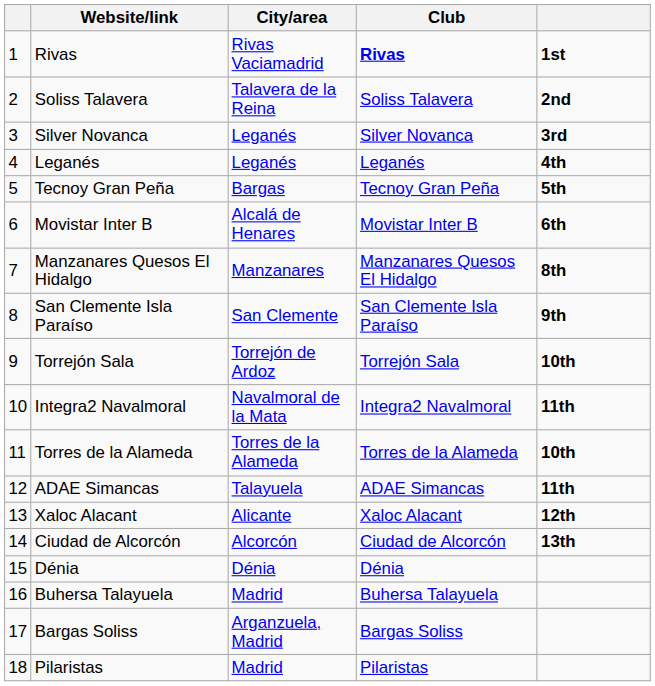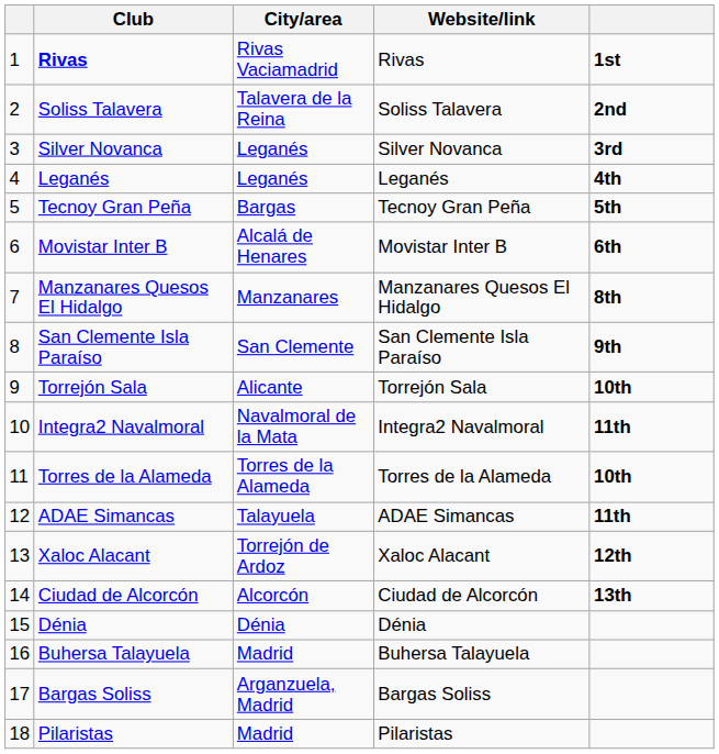 <table class="wikitable sortable">
 <tr>
 <th width=5></th>
+<th width=165>Club</th>
+<th width=115>City/area</th>
 <th width=180>Website/link</th>
-<th width=115>City/area</th>
-<th width=165>Club</th>
 <th width=100></th>
 </tr>
 <tr>
 <td>1</td>
+<td><strong><a href='#'>Rivas</a></strong></td>
+<td><a href='#'>Rivas Vaciamadrid</a></td>
 <td>Rivas</td>
-<td><a href='#'>Rivas Vaciamadrid</a></td>
-<td><strong><a href='#'>Rivas</a></strong></td>
 <td><strong>1st</strong></td>
 </tr>
 <tr>
 <td>2</td>
+<td><a href='#'>Soliss Talavera</a></td>
+<td><a href='#'>Talavera de la Reina</a></td>
 <td>Soliss Talavera</td>
-<td><a href='#'>Talavera de la Reina</a></td>
-<td><a href='#'>Soliss Talavera</a></td>
 <td><strong>2nd</strong></td>
 </tr>
 <tr>
 <td>3</td>
+<td><a href='#'>Silver Novanca</a></td>
+<td><a href='#'>Leganés</a></td>
 <td>Silver Novanca</td>
-<td><a href='#'>Leganés</a></td>
-<td><a href='#'>Silver Novanca</a></td>
 <td><strong>3rd</strong></td>
 </tr>
 <tr>
 <td>4</td>
-<td>Leganés</td>
 <td><a href='#'>Leganés</a></td>
 <td><a href='#'>Leganés</a></td>
+<td>Leganés</td>
 <td><strong>4th</strong></td>
 </tr>
 <tr>
 <td>5</td>
+<td><a href='#'>Tecnoy Gran Peña</a></td>
+<td><a href='#'>Bargas</a></td>
 <td>Tecnoy Gran Peña</td>
-<td><a href='#'>Bargas</a></td>
-<td><a href='#'>Tecnoy Gran Peña</a></td>
 <td><strong>5th</strong></td>
 </tr>
 <tr>
 <td>6</td>
+<td><a href='#'>Movistar Inter B</a></td>
+<td><a href='#'>Alcalá de Henares</a></td>
 <td>Movistar Inter B</td>
-<td><a href='#'>Alcalá de Henares</a></td>
-<td><a href='#'>Movistar Inter B</a></td>
 <td><strong>6th</strong></td>
 </tr>
 <tr>
 <td>7</td>
+<td><a href='#'>Manzanares Quesos El Hidalgo</a></td>
+<td><a href='#'>Manzanares</a></td>
 <td>Manzanares Quesos El Hidalgo</td>
-<td><a href='#'>Manzanares</a></td>
-<td><a href='#'>Manzanares Quesos El Hidalgo</a></td>
 <td><strong>8th</strong></td>
 </tr>
 <tr>
 <td>8</td>
+<td><a href='#'>San Clemente Isla Paraíso</a></td>
+<td><a href='#'>San Clemente</a></td>
 <td>San Clemente Isla Paraíso</td>
-<td><a href='#'>San Clemente</a></td>
-<td><a href='#'>San Clemente Isla Paraíso</a></td>
 <td><strong>9th</strong></td>
 </tr>
 <tr>
 <td>9</td>
+<td><a href='#'>Torrejón Sala</a></td>
+<td><a href='#'>Alicante</a></td>
 <td>Torrejón Sala</td>
-<td><a href='#'>Torrejón de Ardoz</a></td>
-<td><a href='#'>Torrejón Sala</a></td>
 <td><strong>10th</strong></td>
 </tr>
 <tr>
 <td>10</td>
+<td><a href='#'>Integra2 Navalmoral</a></td>
+<td><a href='#'>Navalmoral de la Mata</a></td>
 <td>Integra2 Navalmoral</td>
-<td><a href='#'>Navalmoral de la Mata</a></td>
-<td><a href='#'>Integra2 Navalmoral</a></td>
 <td><strong>11th</strong></td>
 </tr>
 <tr>
 <td>11</td>
-<td>Torres de la Alameda</td>
 <td><a href='#'>Torres de la Alameda</a></td>
 <td><a href='#'>Torres de la Alameda</a></td>
+<td>Torres de la Alameda</td>
 <td><strong>10th</strong></td>
 </tr>
 <tr>
 <td>12</td>
+<td><a href='#'>ADAE Simancas</a></td>
+<td><a href='#'>Talayuela</a></td>
 <td>ADAE Simancas</td>
-<td><a href='#'>Talayuela</a></td>
-<td><a href='#'>ADAE Simancas</a></td>
 <td><strong>11th</strong></td>
 </tr>
 <tr>
 <td>13</td>
+<td><a href='#'>Xaloc Alacant</a></td>
+<td><a href='#'>Torrejón de Ardoz</a></td>
 <td>Xaloc Alacant</td>
-<td><a href='#'>Alicante</a></td>
-<td><a href='#'>Xaloc Alacant</a></td>
 <td><strong>12th</strong></td>
 </tr>
 <tr>
 <td>14</td>
+<td><a href='#'>Ciudad de Alcorcón</a></td>
+<td><a href='#'>Alcorcón</a></td>
 <td>Ciudad de Alcorcón</td>
-<td><a href='#'>Alcorcón</a></td>
-<td><a href='#'>Ciudad de Alcorcón</a></td>
 <td><strong>13th</strong></td>
 </tr>
 <tr>
 <td>15</td>
-<td>Dénia</td>
 <td><a href='#'>Dénia</a></td>
 <td><a href='#'>Dénia</a></td>
+<td>Dénia</td>
 <td><strong></strong></td>
 </tr>
 <tr>
 <td>16</td>
+<td><a href='#'>Buhersa Talayuela</a></td>
+<td><a href='#'>Madrid</a></td>
 <td>Buhersa Talayuela</td>
-<td><a href='#'>Madrid</a></td>
-<td><a href='#'>Buhersa Talayuela</a></td>
 <td><strong></strong></td>
 </tr>
 <tr>
 <td>17</td>
+<td><a href='#'>Bargas Soliss</a></td>
+<td><a href='#'>Arganzuela, Madrid</a></td>
 <td>Bargas Soliss</td>
-<td><a href='#'>Arganzuela, Madrid</a></td>
-<td><a href='#'>Bargas Soliss</a></td>
 <td><strong></strong></td>
 </tr>
 <tr>
 <td>18</td>
+<td><a href='#'>Pilaristas</a></td>
+<td><a href='#'>Madrid</a></td>
 <td>Pilaristas</td>
-<td><a href='#'>Madrid</a></td>
-<td><a href='#'>Pilaristas</a></td>
 <td><strong></strong></td>
 </tr>
 </table>
